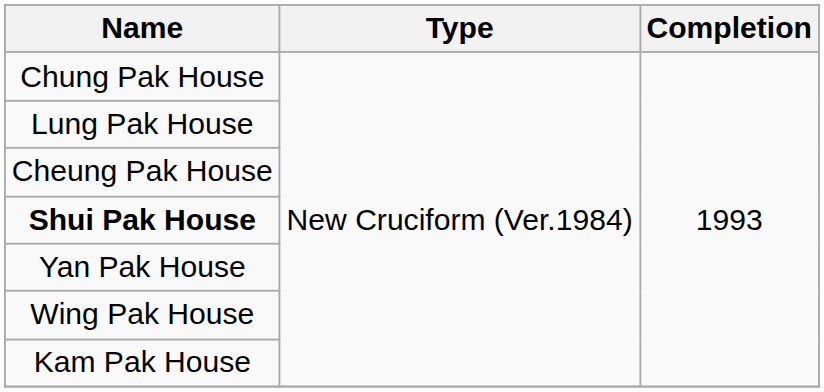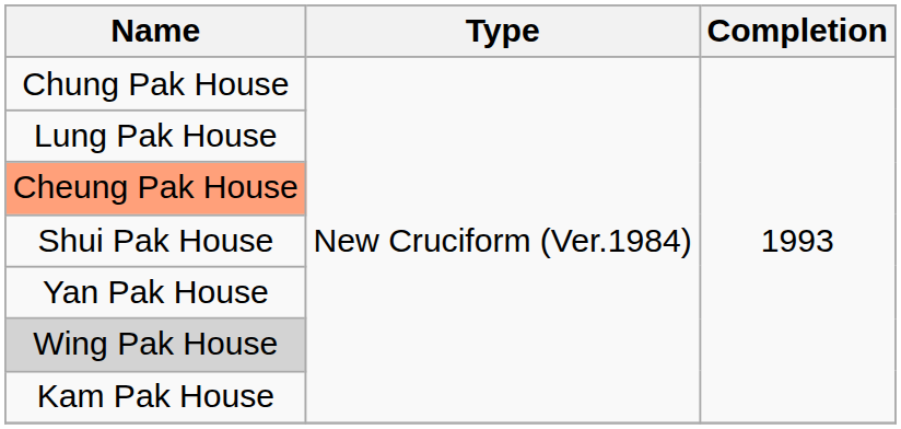 <table class="wikitable" style="text-align: center">
 <tr>
 <th>Name</th>
 <th>Type</th>
 <th>Completion</th>
 </tr>
 <tr>
 <td>Chung Pak House</td>
 <td rowspan="7">New Cruciform (Ver.1984)</td>
 <td rowspan="7">1993</td>
 </tr>
 <tr>
 <td>Lung Pak House</td>
 </tr>
 <tr>
-<td>Cheung Pak House</td>
+<td style="background: lightsalmon;">Cheung Pak House</td>
 </tr>
 <tr>
-<td><strong>Shui Pak House</strong></td>
+<td>Shui Pak House</td>
 </tr>
 <tr>
 <td>Yan Pak House</td>
 </tr>
 <tr>
-<td>Wing Pak House</td>
+<td style="background: lightgrey;">Wing Pak House</td>
 </tr>
 <tr>
 <td>Kam Pak House</td>
 </tr>
 <tr>
 </tr>
 </table>
